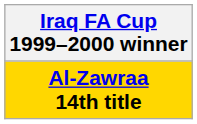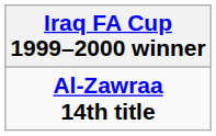 <table class="wikitable" style="text-align: center; margin: 0 auto;">
 <tr>
 <th><a href='#'>Iraq FA Cup</a><br>1999–2000 winner</th>
 </tr>
 <tr>
-<td style="background: gold;"><strong><a href='#'>Al-Zawraa</a></strong><br><strong>14th title</strong></td>
+<td><strong><a href='#'>Al-Zawraa</a></strong><br><strong>14th title</strong></td>
 </tr>
 </table>
